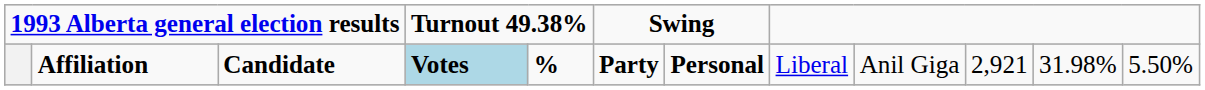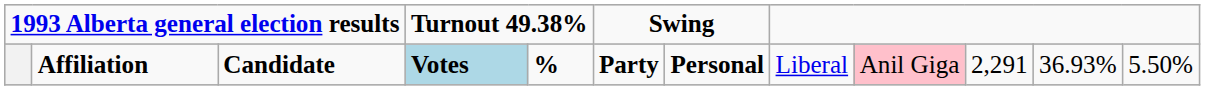 <table class="wikitable">
 <tr>
 <td colspan="3" align=center><strong><a href='#'>1993 Alberta general election</a> results</strong></td>
 <td colspan="2"><strong>Turnout 49.38%</strong></td>
 <td colspan="2" align=center><strong>Swing</strong></td>
 </tr>
 <tr>
 <th style="width: 10px;"></th>
 <td><strong>Affiliation</strong></td>
 <td><strong>Candidate</strong></td>
 <td style="background: lightblue;"><strong>Votes</strong></td>
 <td><strong>%</strong></td>
 <td><strong>Party</strong></td>
 <td><strong>Personal</strong><br> </td>
 <td><a href='#'>Liberal</a></td>
-<td>Anil Giga</td>
-<td>2,921</td>
-<td>31.98%</td>
+<td style="background: pink;">Anil Giga</td>
+<td>2,291</td>
+<td>36.93%</td>
 <td colspan=2 align=center>5.50%<br>      </td>
 </tr>
 </table>
